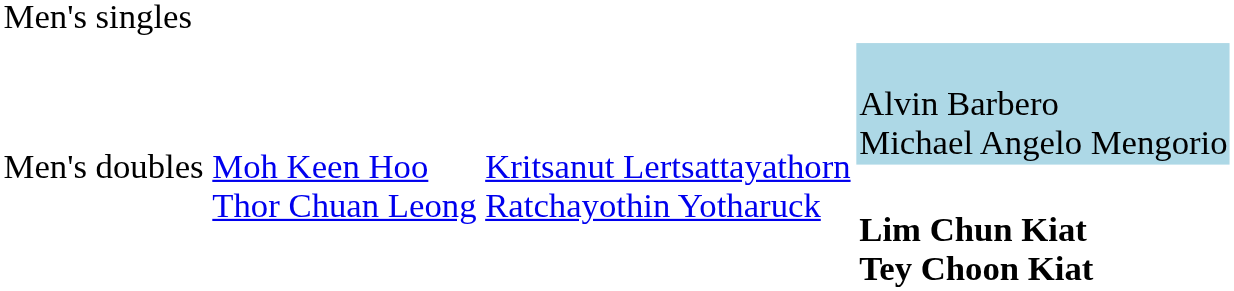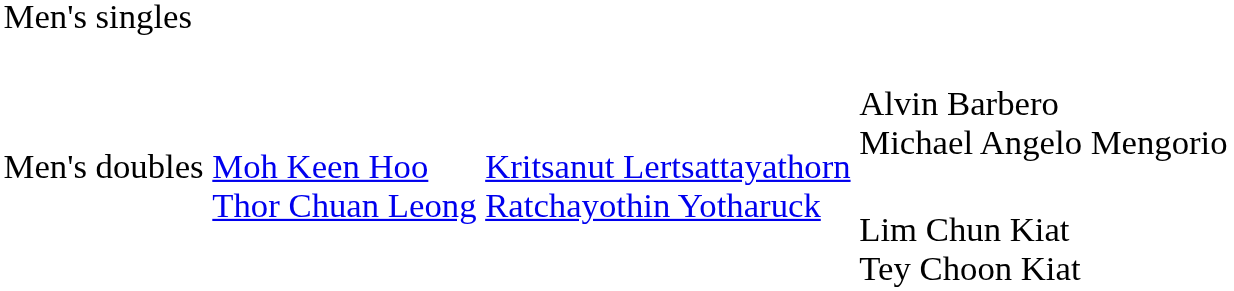 <table>
 <tr>
 <td rowspan=2>Men's singles</td>
 <td rowspan=2></td>
 <td rowspan=2></td>
 <td></td>
 </tr>
 <tr>
 <td></td>
 </tr>
 <tr>
 <td rowspan=2>Men's doubles</td>
 <td rowspan=2><br><a href='#'>Moh Keen Hoo</a><br><a href='#'>Thor Chuan Leong</a></td>
 <td rowspan=2><br><a href='#'>Kritsanut Lertsattayathorn</a><br><a href='#'>Ratchayothin Yotharuck</a></td>
-<td style="background: lightblue;"><br>Alvin Barbero<br>Michael Angelo Mengorio</td>
+<td><br>Alvin Barbero<br>Michael Angelo Mengorio</td>
 </tr>
 <tr>
-<td><strong><br>Lim Chun Kiat<br>Tey Choon Kiat</strong></td>
+<td><br>Lim Chun Kiat<br>Tey Choon Kiat</td>
 </tr>
 </table>
